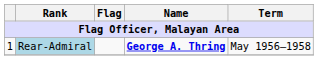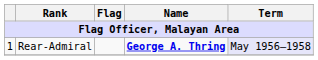 <table class="wikitable">
 <tr>
 <th></th>
 <th>Rank</th>
 <th>Flag</th>
 <th>Name</th>
 <th>Term</th>
 </tr>
 <tr>
 <td colspan="5" align="center" style="background:#dcdcfe;"><strong>Flag Officer, Malayan Area</strong></td>
 </tr>
 <tr>
 <td>1</td>
-<td style="background: lightblue;">Rear-Admiral</td>
+<td>Rear-Admiral</td>
 <td></td>
 <td><strong><a href='#'>George A. Thring</a></strong></td>
-<td>May 1956–1958</td>
+<td style="background: lavender;">May 1956–1958</td>
 </tr>
 <tr>
 </tr>
 </table>
